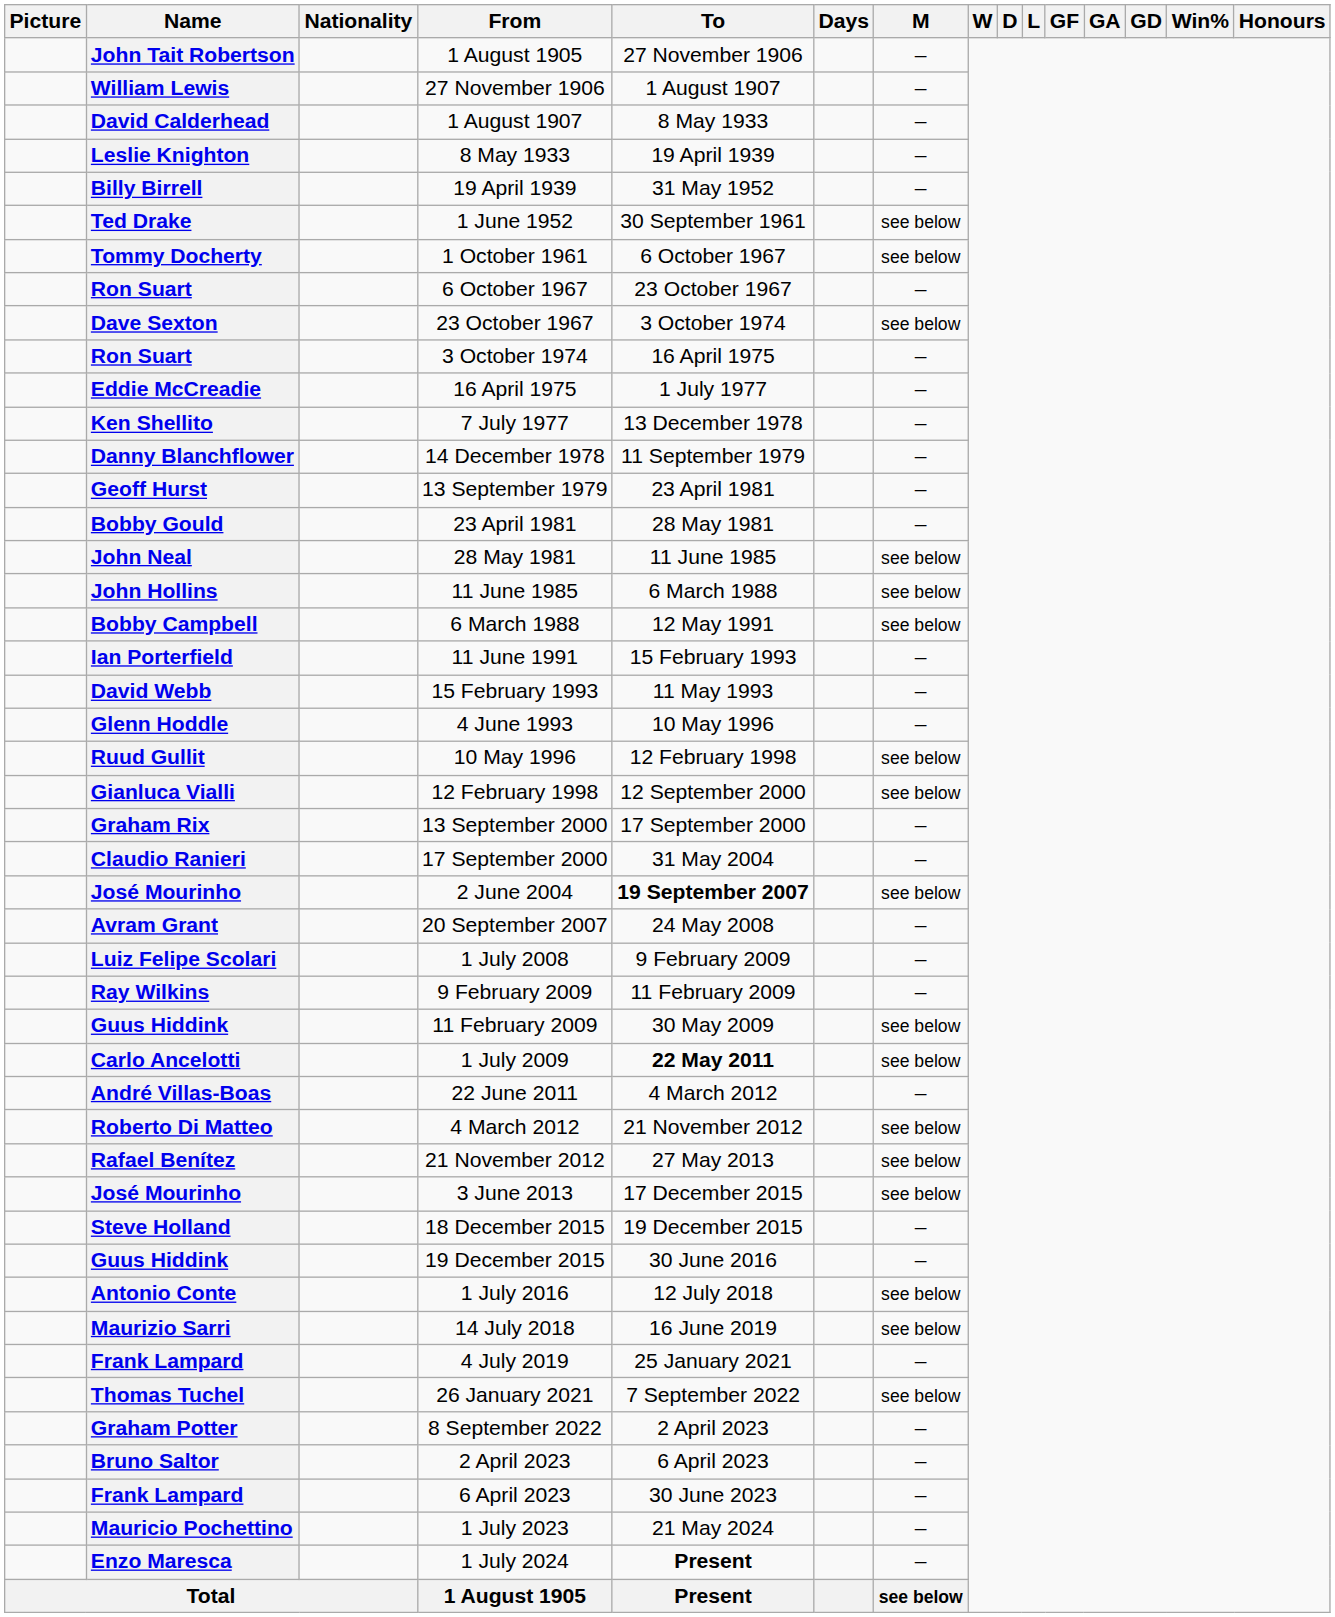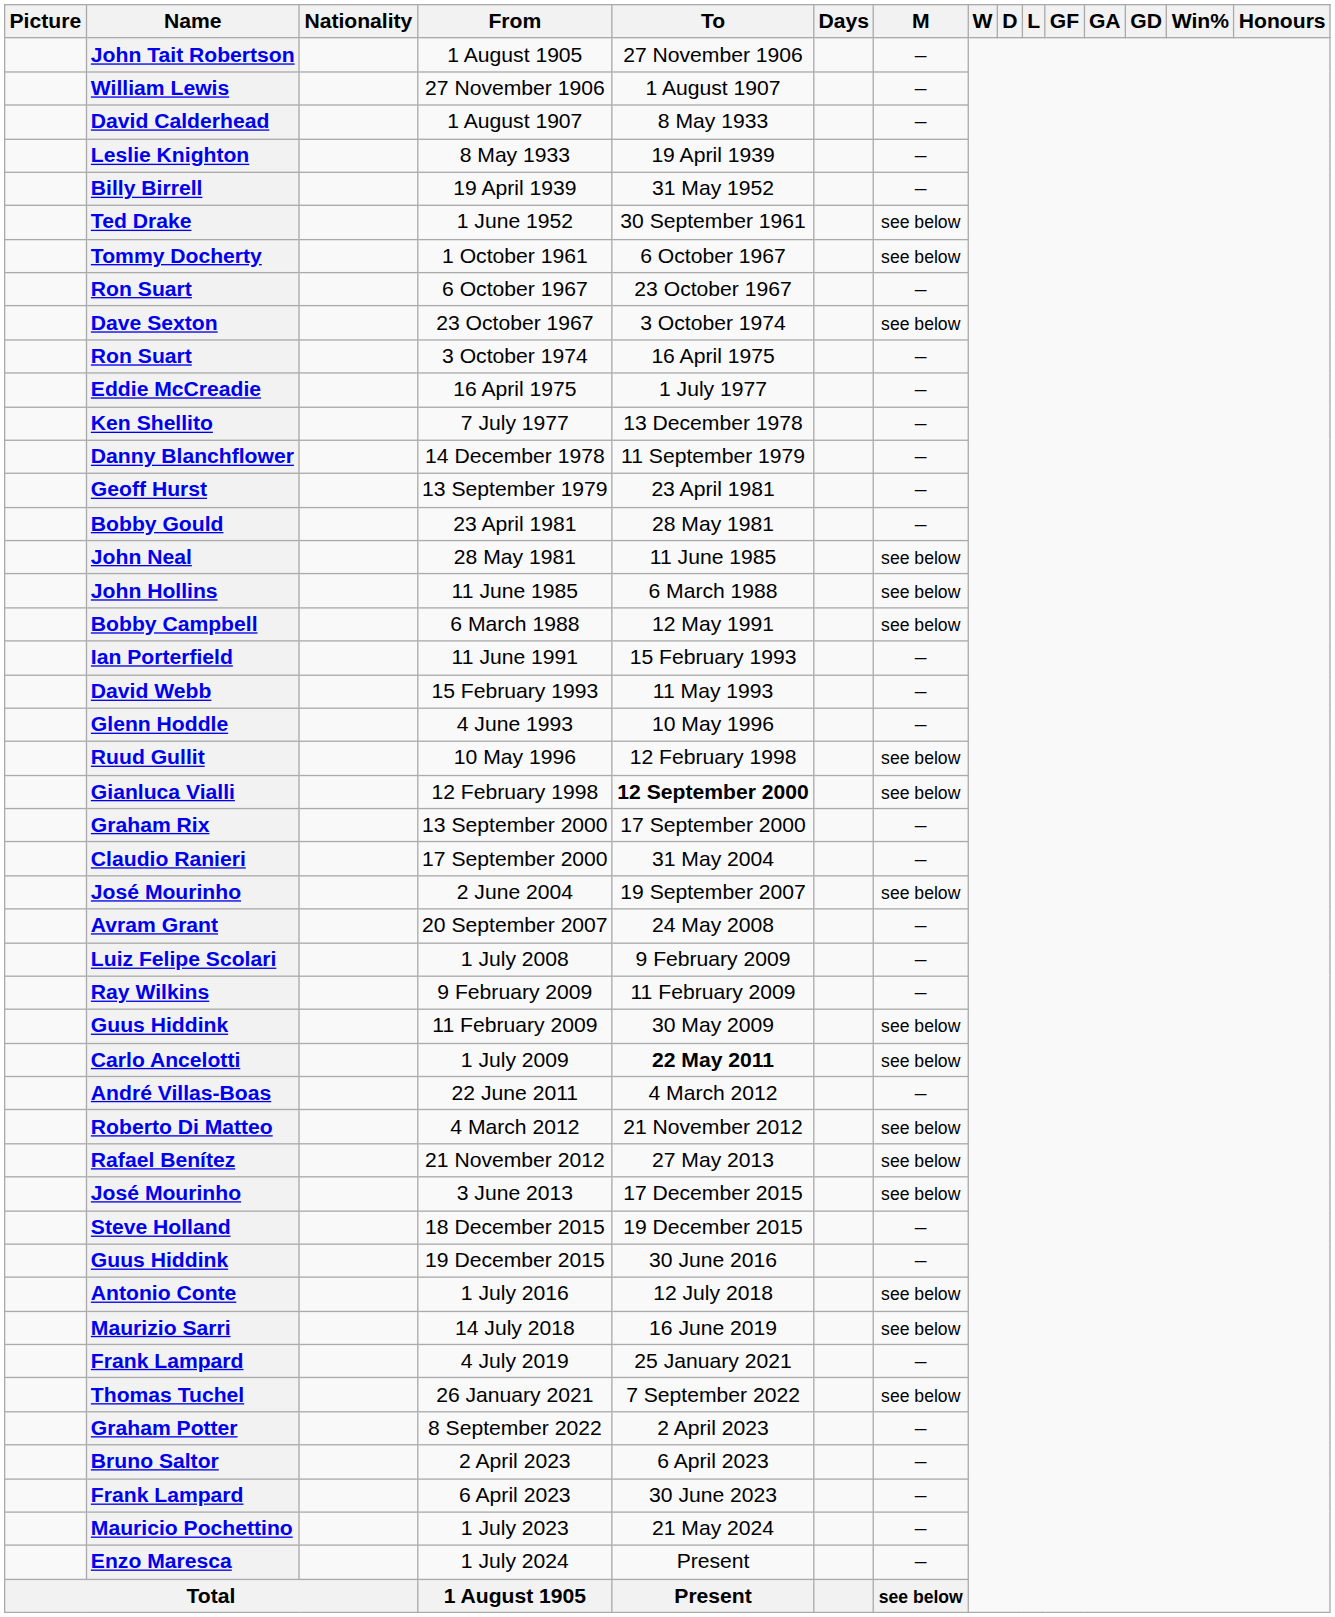 <table class="wikitable sortable plainrowheaders sticky-header" style="text-align: center;">
 <tr>
 <th>Picture</th>
 <th>Name</th>
 <th>Nationality</th>
 <th>From</th>
 <th>To</th>
 <th>Days</th>
 <th>M</th>
 <th>W</th>
 <th>D</th>
 <th>L</th>
 <th>GF</th>
 <th>GA</th>
 <th>GD</th>
 <th>Win%</th>
 <th>Honours</th>
 </tr>
 <tr>
 <td></td>
 <th scope="row" style="text-align:left;"><a href='#'>John Tait Robertson</a></th>
 <td></td>
 <td>1 August 1905</td>
 <td>27 November 1906</td>
 <td></td>
 <td>–</td>
 </tr>
 <tr>
 <td></td>
 <th scope="row" style="text-align:left;"><a href='#'>William Lewis</a></th>
 <td></td>
 <td>27 November 1906</td>
 <td>1 August 1907</td>
 <td></td>
 <td>–</td>
 </tr>
 <tr>
 <td></td>
 <th scope="row" style="text-align:left;"><a href='#'>David Calderhead</a></th>
 <td></td>
 <td>1 August 1907</td>
 <td>8 May 1933</td>
 <td></td>
 <td>–</td>
 </tr>
 <tr>
 <td></td>
 <th scope="row" style="text-align:left;"><a href='#'>Leslie Knighton</a></th>
 <td></td>
 <td>8 May 1933</td>
 <td>19 April 1939</td>
 <td></td>
 <td>–</td>
 </tr>
 <tr>
 <td></td>
 <th scope="row" style="text-align:left;"><a href='#'>Billy Birrell</a></th>
 <td></td>
 <td>19 April 1939</td>
 <td>31 May 1952</td>
 <td></td>
 <td>–</td>
 </tr>
 <tr>
 <td></td>
 <th scope="row" style="text-align:left;"><a href='#'>Ted Drake</a></th>
 <td></td>
 <td>1 June 1952</td>
 <td>30 September 1961</td>
 <td></td>
 <td><small>see below</small></td>
 </tr>
 <tr>
 <td></td>
 <th scope="row" style="text-align:left;"><a href='#'>Tommy Docherty</a></th>
 <td></td>
 <td>1 October 1961</td>
 <td>6 October 1967</td>
 <td></td>
 <td><small>see below</small></td>
 </tr>
 <tr>
 <td></td>
 <th scope="row" style="text-align:left;"><a href='#'>Ron Suart</a></th>
 <td></td>
 <td>6 October 1967</td>
 <td>23 October 1967</td>
 <td></td>
 <td>–</td>
 </tr>
 <tr>
 <td></td>
 <th scope="row" style="text-align:left;"><a href='#'>Dave Sexton</a></th>
 <td></td>
 <td>23 October 1967</td>
 <td>3 October 1974</td>
 <td></td>
 <td><small>see below</small></td>
 </tr>
 <tr>
 <td></td>
 <th scope="row" style="text-align:left;"><a href='#'>Ron Suart</a> </th>
 <td></td>
 <td>3 October 1974</td>
 <td>16 April 1975</td>
 <td></td>
 <td>–</td>
 </tr>
 <tr>
 <td></td>
 <th scope="row" style="text-align:left;"><a href='#'>Eddie McCreadie</a></th>
 <td></td>
 <td>16 April 1975</td>
 <td>1 July 1977</td>
 <td></td>
 <td>–</td>
 </tr>
 <tr>
 <td></td>
 <th scope="row" style="text-align:left;"><a href='#'>Ken Shellito</a></th>
 <td></td>
 <td>7 July 1977</td>
 <td>13 December 1978</td>
 <td></td>
 <td>–</td>
 </tr>
 <tr>
 <td></td>
 <th scope="row" style="text-align:left;"><a href='#'>Danny Blanchflower</a></th>
 <td></td>
 <td>14 December 1978</td>
 <td>11 September 1979</td>
 <td></td>
 <td>–</td>
 </tr>
 <tr>
 <td></td>
 <th scope="row" style="text-align:left;"><a href='#'>Geoff Hurst</a></th>
 <td></td>
 <td>13 September 1979</td>
 <td>23 April 1981</td>
 <td></td>
 <td>–</td>
 </tr>
 <tr>
 <td></td>
 <th scope="row" style="text-align:left;"><a href='#'>Bobby Gould</a></th>
 <td></td>
 <td>23 April 1981</td>
 <td>28 May 1981</td>
 <td></td>
 <td>–</td>
 </tr>
 <tr>
 <td></td>
 <th scope="row" style="text-align:left;"><a href='#'>John Neal</a></th>
 <td></td>
 <td>28 May 1981</td>
 <td>11 June 1985</td>
 <td></td>
 <td><small>see below</small></td>
 </tr>
 <tr>
 <td></td>
 <th scope="row" style="text-align:left;"><a href='#'>John Hollins</a></th>
 <td></td>
 <td>11 June 1985</td>
 <td>6 March 1988</td>
 <td></td>
 <td><small>see below</small></td>
 </tr>
 <tr>
 <td></td>
 <th scope="row" style="text-align:left;"><a href='#'>Bobby Campbell</a></th>
 <td></td>
 <td>6 March 1988</td>
 <td>12 May 1991</td>
 <td></td>
 <td><small>see below</small></td>
 </tr>
 <tr>
 <td></td>
 <th scope="row" style="text-align:left;"><a href='#'>Ian Porterfield</a></th>
 <td></td>
 <td>11 June 1991</td>
 <td>15 February 1993</td>
 <td></td>
 <td>–</td>
 </tr>
 <tr>
 <td></td>
 <th scope="row" style="text-align:left;"><a href='#'>David Webb</a></th>
 <td></td>
 <td>15 February 1993</td>
 <td>11 May 1993</td>
 <td></td>
 <td>–</td>
 </tr>
 <tr>
 <td></td>
 <th scope="row" style="text-align:left;"><a href='#'>Glenn Hoddle</a></th>
 <td></td>
 <td>4 June 1993</td>
 <td>10 May 1996</td>
 <td></td>
 <td>–</td>
 </tr>
 <tr>
 <td></td>
 <th scope="row" style="text-align:left;"><a href='#'>Ruud Gullit</a></th>
 <td></td>
 <td>10 May 1996</td>
 <td>12 February 1998</td>
 <td></td>
 <td><small>see below</small></td>
 </tr>
 <tr>
 <td></td>
 <th scope="row" style="text-align:left;"><a href='#'>Gianluca Vialli</a></th>
 <td></td>
 <td>12 February 1998</td>
-<td>12 September 2000</td>
+<td><strong>12 September 2000</strong></td>
 <td></td>
 <td><small>see below</small></td>
 </tr>
 <tr>
 <td></td>
 <th scope="row" style="text-align:left;"><a href='#'>Graham Rix</a></th>
 <td></td>
 <td>13 September 2000</td>
 <td>17 September 2000</td>
 <td></td>
 <td>–</td>
 </tr>
 <tr>
 <td></td>
 <th scope="row" style="text-align:left;"><a href='#'>Claudio Ranieri</a></th>
 <td></td>
 <td>17 September 2000</td>
 <td>31 May 2004</td>
 <td></td>
 <td>–</td>
 </tr>
 <tr>
 <td></td>
 <th scope="row" style="text-align:left;"><a href='#'>José Mourinho</a></th>
 <td></td>
 <td>2 June 2004</td>
-<td><strong>19 September 2007</strong></td>
+<td>19 September 2007</td>
 <td></td>
 <td><small>see below</small></td>
 </tr>
 <tr>
 <td></td>
 <th scope="row" style="text-align:left;"><a href='#'>Avram Grant</a></th>
 <td></td>
 <td>20 September 2007</td>
 <td>24 May 2008</td>
 <td></td>
 <td>–</td>
 </tr>
 <tr>
 <td></td>
 <th scope="row" style="text-align:left;"><a href='#'>Luiz Felipe Scolari</a></th>
 <td></td>
 <td>1 July 2008</td>
 <td>9 February 2009</td>
 <td></td>
 <td>–</td>
 </tr>
 <tr>
 <td></td>
 <th scope="row" style="text-align:left;"><a href='#'>Ray Wilkins</a></th>
 <td></td>
 <td>9 February 2009</td>
 <td>11 February 2009</td>
 <td></td>
 <td>–</td>
 </tr>
 <tr>
 <td></td>
 <th scope="row" style="text-align:left;"><a href='#'>Guus Hiddink</a></th>
 <td></td>
 <td>11 February 2009</td>
 <td>30 May 2009</td>
 <td></td>
 <td><small>see below</small></td>
 </tr>
 <tr>
 <td></td>
 <th scope="row" style="text-align:left;"><a href='#'>Carlo Ancelotti</a></th>
 <td></td>
 <td>1 July 2009</td>
 <td><strong>22 May 2011</strong></td>
 <td></td>
 <td><small>see below</small></td>
 </tr>
 <tr>
 <td></td>
 <th scope="row" style="text-align:left;"><a href='#'>André Villas-Boas</a></th>
 <td></td>
 <td>22 June 2011</td>
 <td>4 March 2012</td>
 <td></td>
 <td>–</td>
 </tr>
 <tr>
 <td></td>
 <th scope="row" style="text-align:left;"><a href='#'>Roberto Di Matteo</a></th>
 <td></td>
 <td>4 March 2012</td>
 <td>21 November 2012</td>
 <td></td>
 <td><small>see below</small></td>
 </tr>
 <tr>
 <td></td>
 <th scope="row" style="text-align:left;"><a href='#'>Rafael Benítez</a></th>
 <td></td>
 <td>21 November 2012</td>
 <td>27 May 2013</td>
 <td></td>
 <td><small>see below</small></td>
 </tr>
 <tr>
 <td></td>
 <th scope="row" style="text-align:left;"><a href='#'>José Mourinho</a> </th>
 <td></td>
 <td>3 June 2013</td>
 <td>17 December 2015</td>
 <td></td>
 <td><small>see below</small></td>
 </tr>
 <tr>
 <td></td>
 <th scope="row" style="text-align:left;"><a href='#'>Steve Holland</a></th>
 <td></td>
 <td>18 December 2015</td>
 <td>19 December 2015</td>
 <td></td>
 <td>–</td>
 </tr>
 <tr>
 <td></td>
 <th scope="row" style="text-align:left;"><a href='#'>Guus Hiddink</a> </th>
 <td></td>
 <td>19 December 2015</td>
 <td>30 June 2016</td>
 <td></td>
 <td>–</td>
 </tr>
 <tr>
 <td></td>
 <th scope="row" style="text-align:left;"><a href='#'>Antonio Conte</a></th>
 <td></td>
 <td>1 July 2016</td>
 <td>12 July 2018</td>
 <td></td>
 <td><small>see below</small></td>
 </tr>
 <tr>
 <td></td>
 <th scope="row" style="text-align:left;"><a href='#'>Maurizio Sarri</a></th>
 <td></td>
 <td>14 July 2018</td>
 <td>16 June 2019</td>
 <td></td>
 <td><small>see below</small></td>
 </tr>
 <tr>
 <td></td>
 <th scope="row" style="text-align:left;"><a href='#'>Frank Lampard</a></th>
 <td></td>
 <td>4 July 2019</td>
 <td>25 January 2021</td>
 <td></td>
 <td>–</td>
 </tr>
 <tr>
 <td></td>
 <th scope="row" style="text-align:left;"><a href='#'>Thomas Tuchel</a></th>
 <td></td>
 <td>26 January 2021</td>
 <td>7 September 2022</td>
 <td></td>
 <td><small>see below</small></td>
 </tr>
 <tr>
 <td></td>
 <th scope="row" style="text-align:left;"><a href='#'>Graham Potter</a></th>
 <td></td>
 <td>8 September 2022</td>
 <td>2 April 2023</td>
 <td></td>
 <td>–</td>
 </tr>
 <tr>
 <td></td>
 <th scope="row" style="text-align:left;"><a href='#'>Bruno Saltor</a></th>
 <td></td>
 <td>2 April 2023</td>
 <td>6 April 2023</td>
 <td></td>
 <td>–</td>
 </tr>
 <tr>
 <td></td>
 <th scope="row" style="text-align:left;"><a href='#'>Frank Lampard</a> </th>
 <td></td>
 <td>6 April 2023</td>
 <td>30 June 2023</td>
 <td></td>
 <td>–</td>
 </tr>
 <tr>
 <td></td>
 <th scope="row" style="text-align:left;"><a href='#'>Mauricio Pochettino</a></th>
 <td></td>
 <td>1 July 2023</td>
 <td>21 May 2024</td>
 <td></td>
 <td>–</td>
 </tr>
 <tr>
 <td></td>
 <th scope="row" style="text-align:left;"><a href='#'>Enzo Maresca</a></th>
 <td></td>
 <td>1 July 2024</td>
-<td><strong>Present</strong></td>
+<td>Present</td>
 <td></td>
 <td>–</td>
 </tr>
 <tr>
 <th colspan=3>Total</th>
 <th>1 August 1905</th>
 <th>Present</th>
 <th 43,523></th>
 <th><small>see below</small></th>
 </tr>
 </table>
